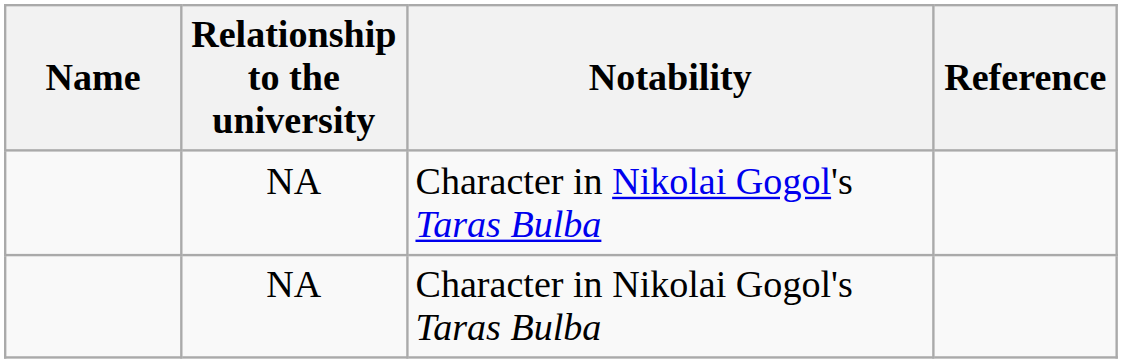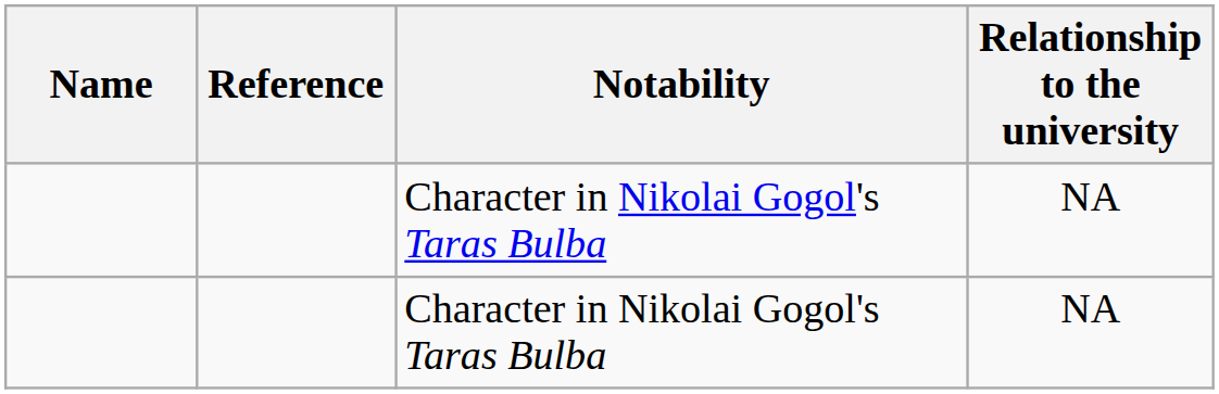 <table class="wikitable sortable" style="width:75%">
 <tr>
 <th width="15%">Name</th>
+<th width="5%" class="unsortable">Reference</th>
+<th width="45%">Notability</th>
 <th width="5%">Relationship to the university</th>
-<th width="45%">Notability</th>
-<th width="5%" class="unsortable">Reference</th>
 </tr>
 <tr valign="top">
 <td></td>
+<td align="center"></td>
+<td>Character in <a href='#'>Nikolai Gogol</a>'s <em><a href='#'>Taras Bulba</a></em></td>
 <td align="center">NA</td>
-<td>Character in <a href='#'>Nikolai Gogol</a>'s <em><a href='#'>Taras Bulba</a></em></td>
-<td align="center"></td>
 </tr>
 <tr valign="top">
 <td></td>
+<td align="center"></td>
+<td>Character in Nikolai Gogol's <em>Taras Bulba</em></td>
 <td align="center">NA</td>
-<td>Character in Nikolai Gogol's <em>Taras Bulba</em></td>
-<td align="center"></td>
 </tr>
 </table>
